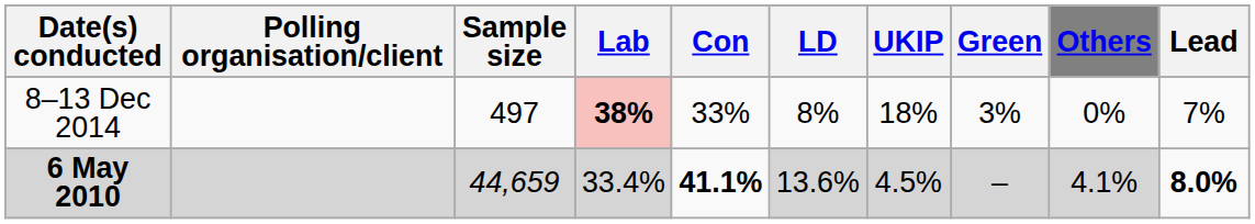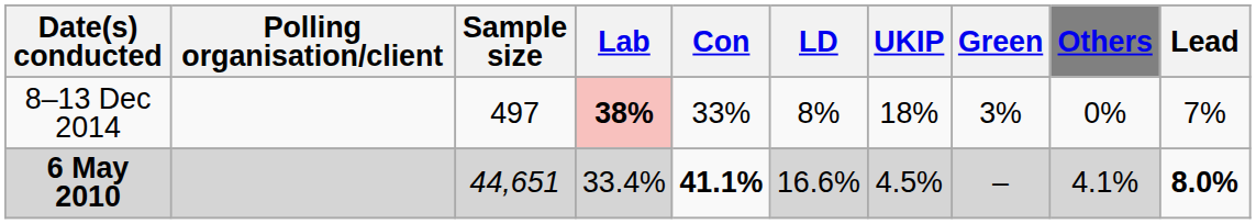 <table class="wikitable sortable" style="text-align:center;font-size:90%;line-height:14px">
 <tr>
 <th ! style="width:95px;">Date(s)<br>conducted</th>
 <th style="width:200px;">Polling organisation/client</th>
 <th class="unsortable" style="width:75px;">Sample size</th>
 <th class="unsortable" style="background:"><a href='#'><span>Lab</span></a></th>
 <th class="unsortable" style="background:"><a href='#'><span>Con</span></a></th>
 <th class="unsortable" style="background:"><a href='#'><span>LD</span></a></th>
 <th class="unsortable" style="background:"><a href='#'><span>UKIP</span></a></th>
 <th class="unsortable" style="background:"><a href='#'><span>Green</span></a></th>
 <th class="unsortable" style="background:gray; width:60px;"><a href='#'><span>Others</span></a></th>
 <th class="unsortable" style="width:90px;">Lead</th>
 </tr>
 <tr>
 <td>8–13 Dec 2014</td>
 <td></td>
 <td>497</td>
 <td style="background:#F8C1BE"><strong>38%</strong></td>
 <td>33%</td>
 <td>8%</td>
 <td>18%</td>
 <td>3%</td>
 <td>0%</td>
 <td style="background:">7%</td>
 </tr>
 <tr>
 <td style="background:#D5D5D5"><strong>6 May 2010</strong></td>
 <td style="background:#D5D5D5"></td>
-<td style="background:#D5D5D5"><em>44,659</em></td>
+<td style="background:#D5D5D5"><em>44,651</em></td>
 <td style="background:#D5D5D5">33.4%</td>
 <td style="background:"><strong>41.1%</strong></td>
-<td style="background:#D5D5D5">13.6%</td>
+<td style="background:#D5D5D5">16.6%</td>
 <td style="background:#D5D5D5">4.5%</td>
 <td style="background:#D5D5D5">–</td>
 <td style="background:#D5D5D5">4.1%</td>
 <td style="background:"><strong>8.0% </strong></td>
 </tr>
 </table>
